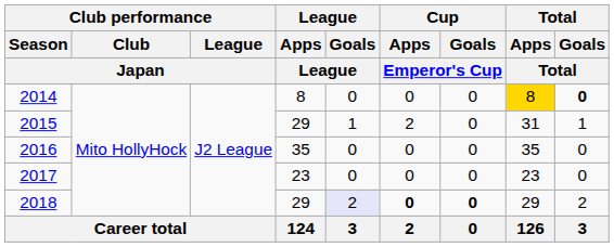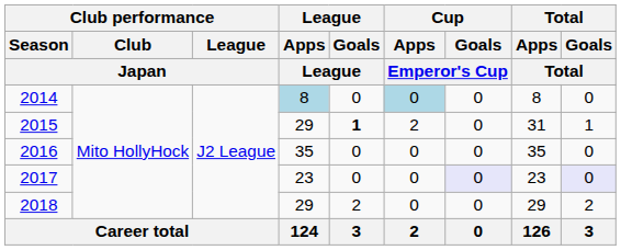 <table class="wikitable" style="text-align:center">
 <tr>
 <th colspan=3>Club performance</th>
 <th colspan=2>League</th>
 <th colspan=2>Cup</th>
 <th colspan=2>Total</th>
 </tr>
 <tr>
 <th>Season</th>
 <th>Club</th>
 <th>League</th>
 <th>Apps</th>
 <th>Goals</th>
 <th>Apps</th>
 <th>Goals</th>
 <th>Apps</th>
 <th>Goals</th>
 </tr>
 <tr>
 <th colspan=3>Japan</th>
 <th colspan=2>League</th>
 <th colspan=2><a href='#'>Emperor's Cup</a></th>
 <th colspan=2>Total</th>
 </tr>
 <tr>
 <td><a href='#'>2014</a></td>
 <td rowspan="5"><a href='#'>Mito HollyHock</a></td>
 <td rowspan="5"><a href='#'>J2 League</a></td>
+<td style="background: lightblue;">8</td>
+<td>0</td>
+<td style="background: lightblue;">0</td>
+<td>0</td>
 <td>8</td>
 <td>0</td>
-<td>0</td>
-<td>0</td>
-<td style="background: gold;">8</td>
-<td><strong>0</strong></td>
 </tr>
 <tr>
 <td><a href='#'>2015</a></td>
 <td>29</td>
-<td>1</td>
+<td><strong>1</strong></td>
 <td>2</td>
 <td>0</td>
 <td>31</td>
 <td>1</td>
 </tr>
 <tr>
 <td><a href='#'>2016</a></td>
 <td>35</td>
 <td>0</td>
 <td>0</td>
 <td>0</td>
 <td>35</td>
 <td>0</td>
 </tr>
 <tr>
 <td><a href='#'>2017</a></td>
 <td>23</td>
 <td>0</td>
 <td>0</td>
-<td>0</td>
+<td style="background: lavender;">0</td>
 <td>23</td>
-<td>0</td>
+<td style="background: lavender;">0</td>
 </tr>
 <tr>
 <td><a href='#'>2018</a></td>
 <td>29</td>
-<td style="background: lavender;">2</td>
-<td><strong>0</strong></td>
-<td><strong>0</strong></td>
+<td>2</td>
+<td>0</td>
+<td>0</td>
 <td>29</td>
 <td>2</td>
 </tr>
 <tr>
 <th colspan=3>Career total</th>
 <th>124</th>
 <th>3</th>
 <th>2</th>
 <th>0</th>
 <th>126</th>
 <th>3</th>
 </tr>
 </table>
